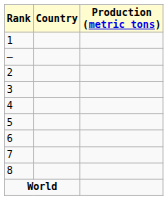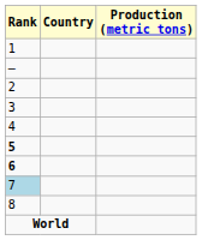 <table class="wikitable sortable">
 <tr>
 <th style="background:#fffdd0;">Rank</th>
 <th style="background:#fffdd0;">Country</th>
 <th style="background:#fffdd0;">Production<br>(<a href='#'>metric tons</a>)</th>
 </tr>
 <tr>
 <td>1</td>
 <td></td>
 <td style="text-align:right"></td>
 </tr>
 <tr>
 <td>–</td>
 <td><em></em></td>
 <td style="text-align:right"><em></em></td>
 </tr>
 <tr>
 <td>2</td>
 <td></td>
 <td style="text-align:right"></td>
 </tr>
 <tr>
 <td>3</td>
 <td></td>
 <td style="text-align:right"></td>
 </tr>
 <tr>
 <td>4</td>
 <td></td>
 <td style="text-align:right"></td>
 </tr>
 <tr>
-<td>5</td>
+<td><strong>5</strong></td>
 <td></td>
 <td style="text-align:right"></td>
 </tr>
 <tr>
-<td>6</td>
+<td><strong>6</strong></td>
 <td></td>
 <td style="text-align:right"></td>
 </tr>
 <tr>
-<td>7</td>
+<td style="background: lightblue;">7</td>
 <td></td>
 <td style="text-align:right"></td>
 </tr>
 <tr>
 <td>8</td>
 <td></td>
 <td style="text-align:right"></td>
 </tr>
 <tr>
 <td colspan="2"; style="text-align:center"><strong>World</strong></td>
 <td style="text-align:right"><strong></strong></td>
 </tr>
 </table>
